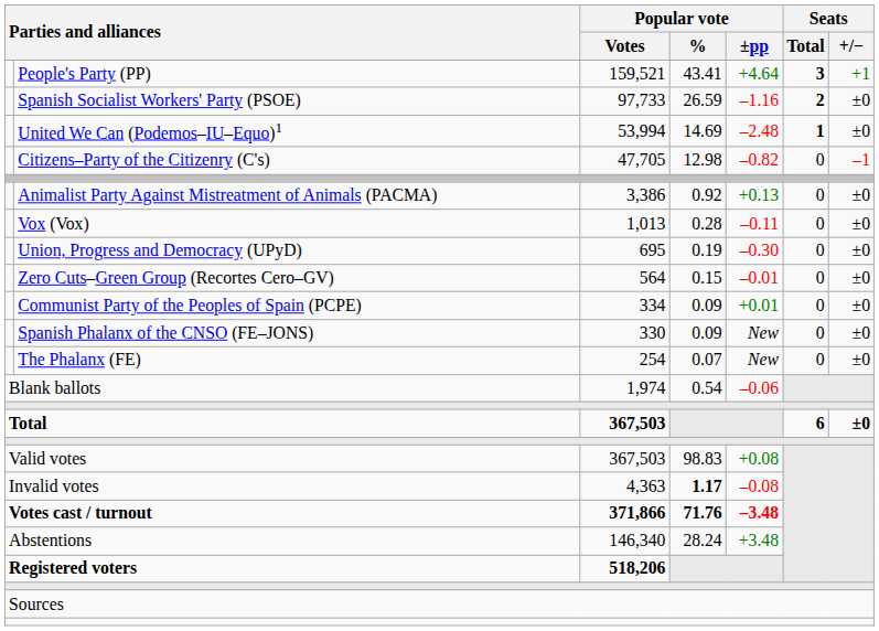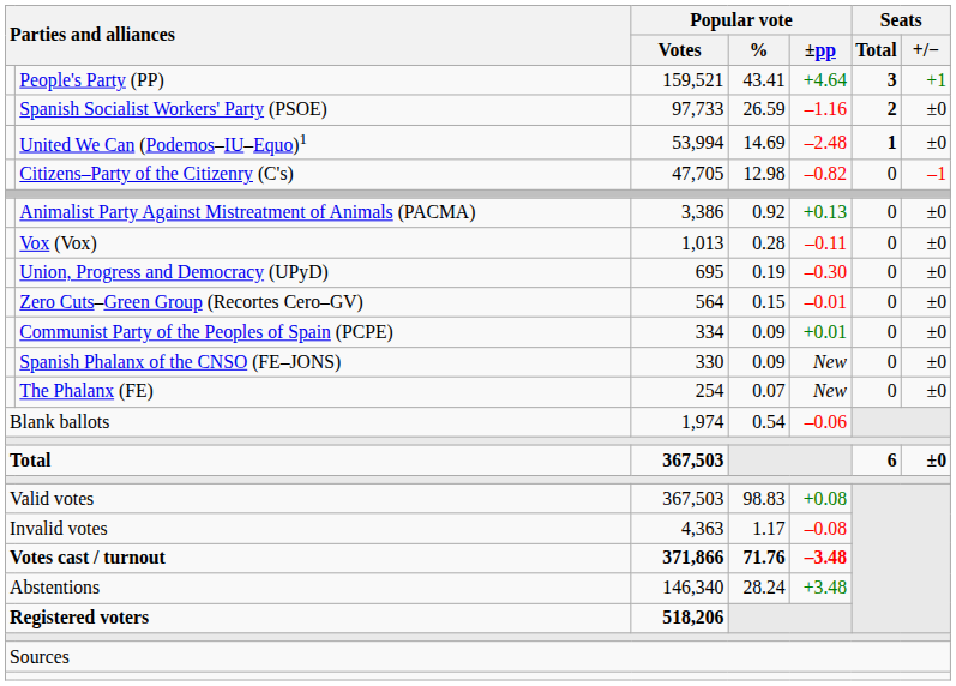 <table class="wikitable" style="text-align:right;">
 <tr>
 <th style="text-align:left;" rowspan="2" colspan="2" width="525">Parties and alliances</th>
 <th colspan="3">Popular vote</th>
 <th colspan="2">Seats</th>
 </tr>
 <tr>
 <th width="75">Votes</th>
 <th width="45">%</th>
 <th width="45">±<a href='#'>pp</a></th>
 <th width="35">Total</th>
 <th width="35">+/−</th>
 </tr>
 <tr>
 <td width="1" style="color:inherit;background:"></td>
 <td align="left"><a href='#'>People's Party</a> (PP)</td>
 <td>159,521</td>
 <td>43.41</td>
 <td style="color:green;">+4.64</td>
 <td><strong>3</strong></td>
 <td style="color:green;">+1</td>
 </tr>
 <tr>
 <td style="color:inherit;background:"></td>
 <td align="left"><a href='#'>Spanish Socialist Workers' Party</a> (PSOE)</td>
 <td>97,733</td>
 <td>26.59</td>
 <td style="color:red;">–1.16</td>
 <td><strong>2</strong></td>
 <td>±0</td>
 </tr>
 <tr>
 <td style="color:inherit;background:"></td>
 <td align="left"><a href='#'>United We Can</a> (<a href='#'>Podemos</a>–<a href='#'>IU</a>–<a href='#'>Equo</a>)<sup>1</sup></td>
 <td>53,994</td>
 <td>14.69</td>
 <td style="color:red;">–2.48</td>
 <td><strong>1</strong></td>
 <td>±0</td>
 </tr>
 <tr>
 <td style="color:inherit;background:"></td>
 <td align="left"><a href='#'>Citizens–Party of the Citizenry</a> (C's)</td>
 <td>47,705</td>
 <td>12.98</td>
 <td style="color:red;">–0.82</td>
 <td>0</td>
 <td style="color:red;">–1</td>
 </tr>
 <tr>
 <td colspan="7" bgcolor="#C0C0C0"></td>
 </tr>
 <tr>
 <td style="color:inherit;background:"></td>
 <td align="left"><a href='#'>Animalist Party Against Mistreatment of Animals</a> (PACMA)</td>
 <td>3,386</td>
 <td>0.92</td>
 <td style="color:green;">+0.13</td>
 <td>0</td>
 <td>±0</td>
 </tr>
 <tr>
 <td style="color:inherit;background:"></td>
 <td align="left"><a href='#'>Vox</a> (Vox)</td>
 <td>1,013</td>
 <td>0.28</td>
 <td style="color:red;">–0.11</td>
 <td>0</td>
 <td>±0</td>
 </tr>
 <tr>
 <td style="color:inherit;background:"></td>
 <td align="left"><a href='#'>Union, Progress and Democracy</a> (UPyD)</td>
 <td>695</td>
 <td>0.19</td>
 <td style="color:red;">–0.30</td>
 <td>0</td>
 <td>±0</td>
 </tr>
 <tr>
 <td style="color:inherit;background:"></td>
 <td align="left"><a href='#'>Zero Cuts</a>–<a href='#'>Green Group</a> (Recortes Cero–GV)</td>
 <td>564</td>
 <td>0.15</td>
 <td style="color:red;">–0.01</td>
 <td>0</td>
 <td>±0</td>
 </tr>
 <tr>
 <td style="color:inherit;background:"></td>
 <td align="left"><a href='#'>Communist Party of the Peoples of Spain</a> (PCPE)</td>
 <td>334</td>
 <td>0.09</td>
 <td style="color:green;">+0.01</td>
 <td>0</td>
 <td>±0</td>
 </tr>
 <tr>
 <td style="color:inherit;background:"></td>
 <td align="left"><a href='#'>Spanish Phalanx of the CNSO</a> (FE–JONS)</td>
 <td>330</td>
 <td>0.09</td>
 <td><em>New</em></td>
 <td>0</td>
 <td>±0</td>
 </tr>
 <tr>
 <td style="color:inherit;background:"></td>
 <td align="left"><a href='#'>The Phalanx</a> (FE)</td>
 <td>254</td>
 <td>0.07</td>
 <td><em>New</em></td>
 <td>0</td>
 <td>±0</td>
 </tr>
 <tr>
 <td align="left" colspan="2">Blank ballots</td>
 <td>1,974</td>
 <td>0.54</td>
 <td style="color:red;">–0.06</td>
 <td bgcolor="#E9E9E9" colspan="2"></td>
 </tr>
 <tr>
 <td colspan="7" bgcolor="#E9E9E9"></td>
 </tr>
 <tr style="font-weight:bold;">
 <td align="left" colspan="2">Total</td>
 <td>367,503</td>
 <td bgcolor="#E9E9E9" colspan="2"></td>
 <td>6</td>
 <td>±0</td>
 </tr>
 <tr>
 <td colspan="7" bgcolor="#E9E9E9"></td>
 </tr>
 <tr>
 <td align="left" colspan="2">Valid votes</td>
 <td>367,503</td>
 <td>98.83</td>
 <td style="color:green;">+0.08</td>
 <td bgcolor="#E9E9E9" colspan="2" rowspan="5"></td>
 </tr>
 <tr>
 <td align="left" colspan="2">Invalid votes</td>
 <td>4,363</td>
-<td><strong>1.17</strong></td>
+<td>1.17</td>
 <td style="color:red;">–0.08</td>
 </tr>
 <tr style="font-weight:bold;">
 <td align="left" colspan="2">Votes cast / turnout</td>
 <td>371,866</td>
 <td>71.76</td>
 <td style="color:red;">–3.48</td>
 </tr>
 <tr>
 <td align="left" colspan="2">Abstentions</td>
 <td>146,340</td>
 <td>28.24</td>
 <td style="color:green;">+3.48</td>
 </tr>
 <tr style="font-weight:bold;">
 <td align="left" colspan="2">Registered voters</td>
 <td>518,206</td>
 <td bgcolor="#E9E9E9" colspan="2"></td>
 </tr>
 <tr>
 <td colspan="7" bgcolor="#E9E9E9"></td>
 </tr>
 <tr>
 <td align="left" colspan="7">Sources</td>
 </tr>
 <tr>
 <td colspan="7" style="text-align:left; max-width:790px;"></td>
 </tr>
 </table>
